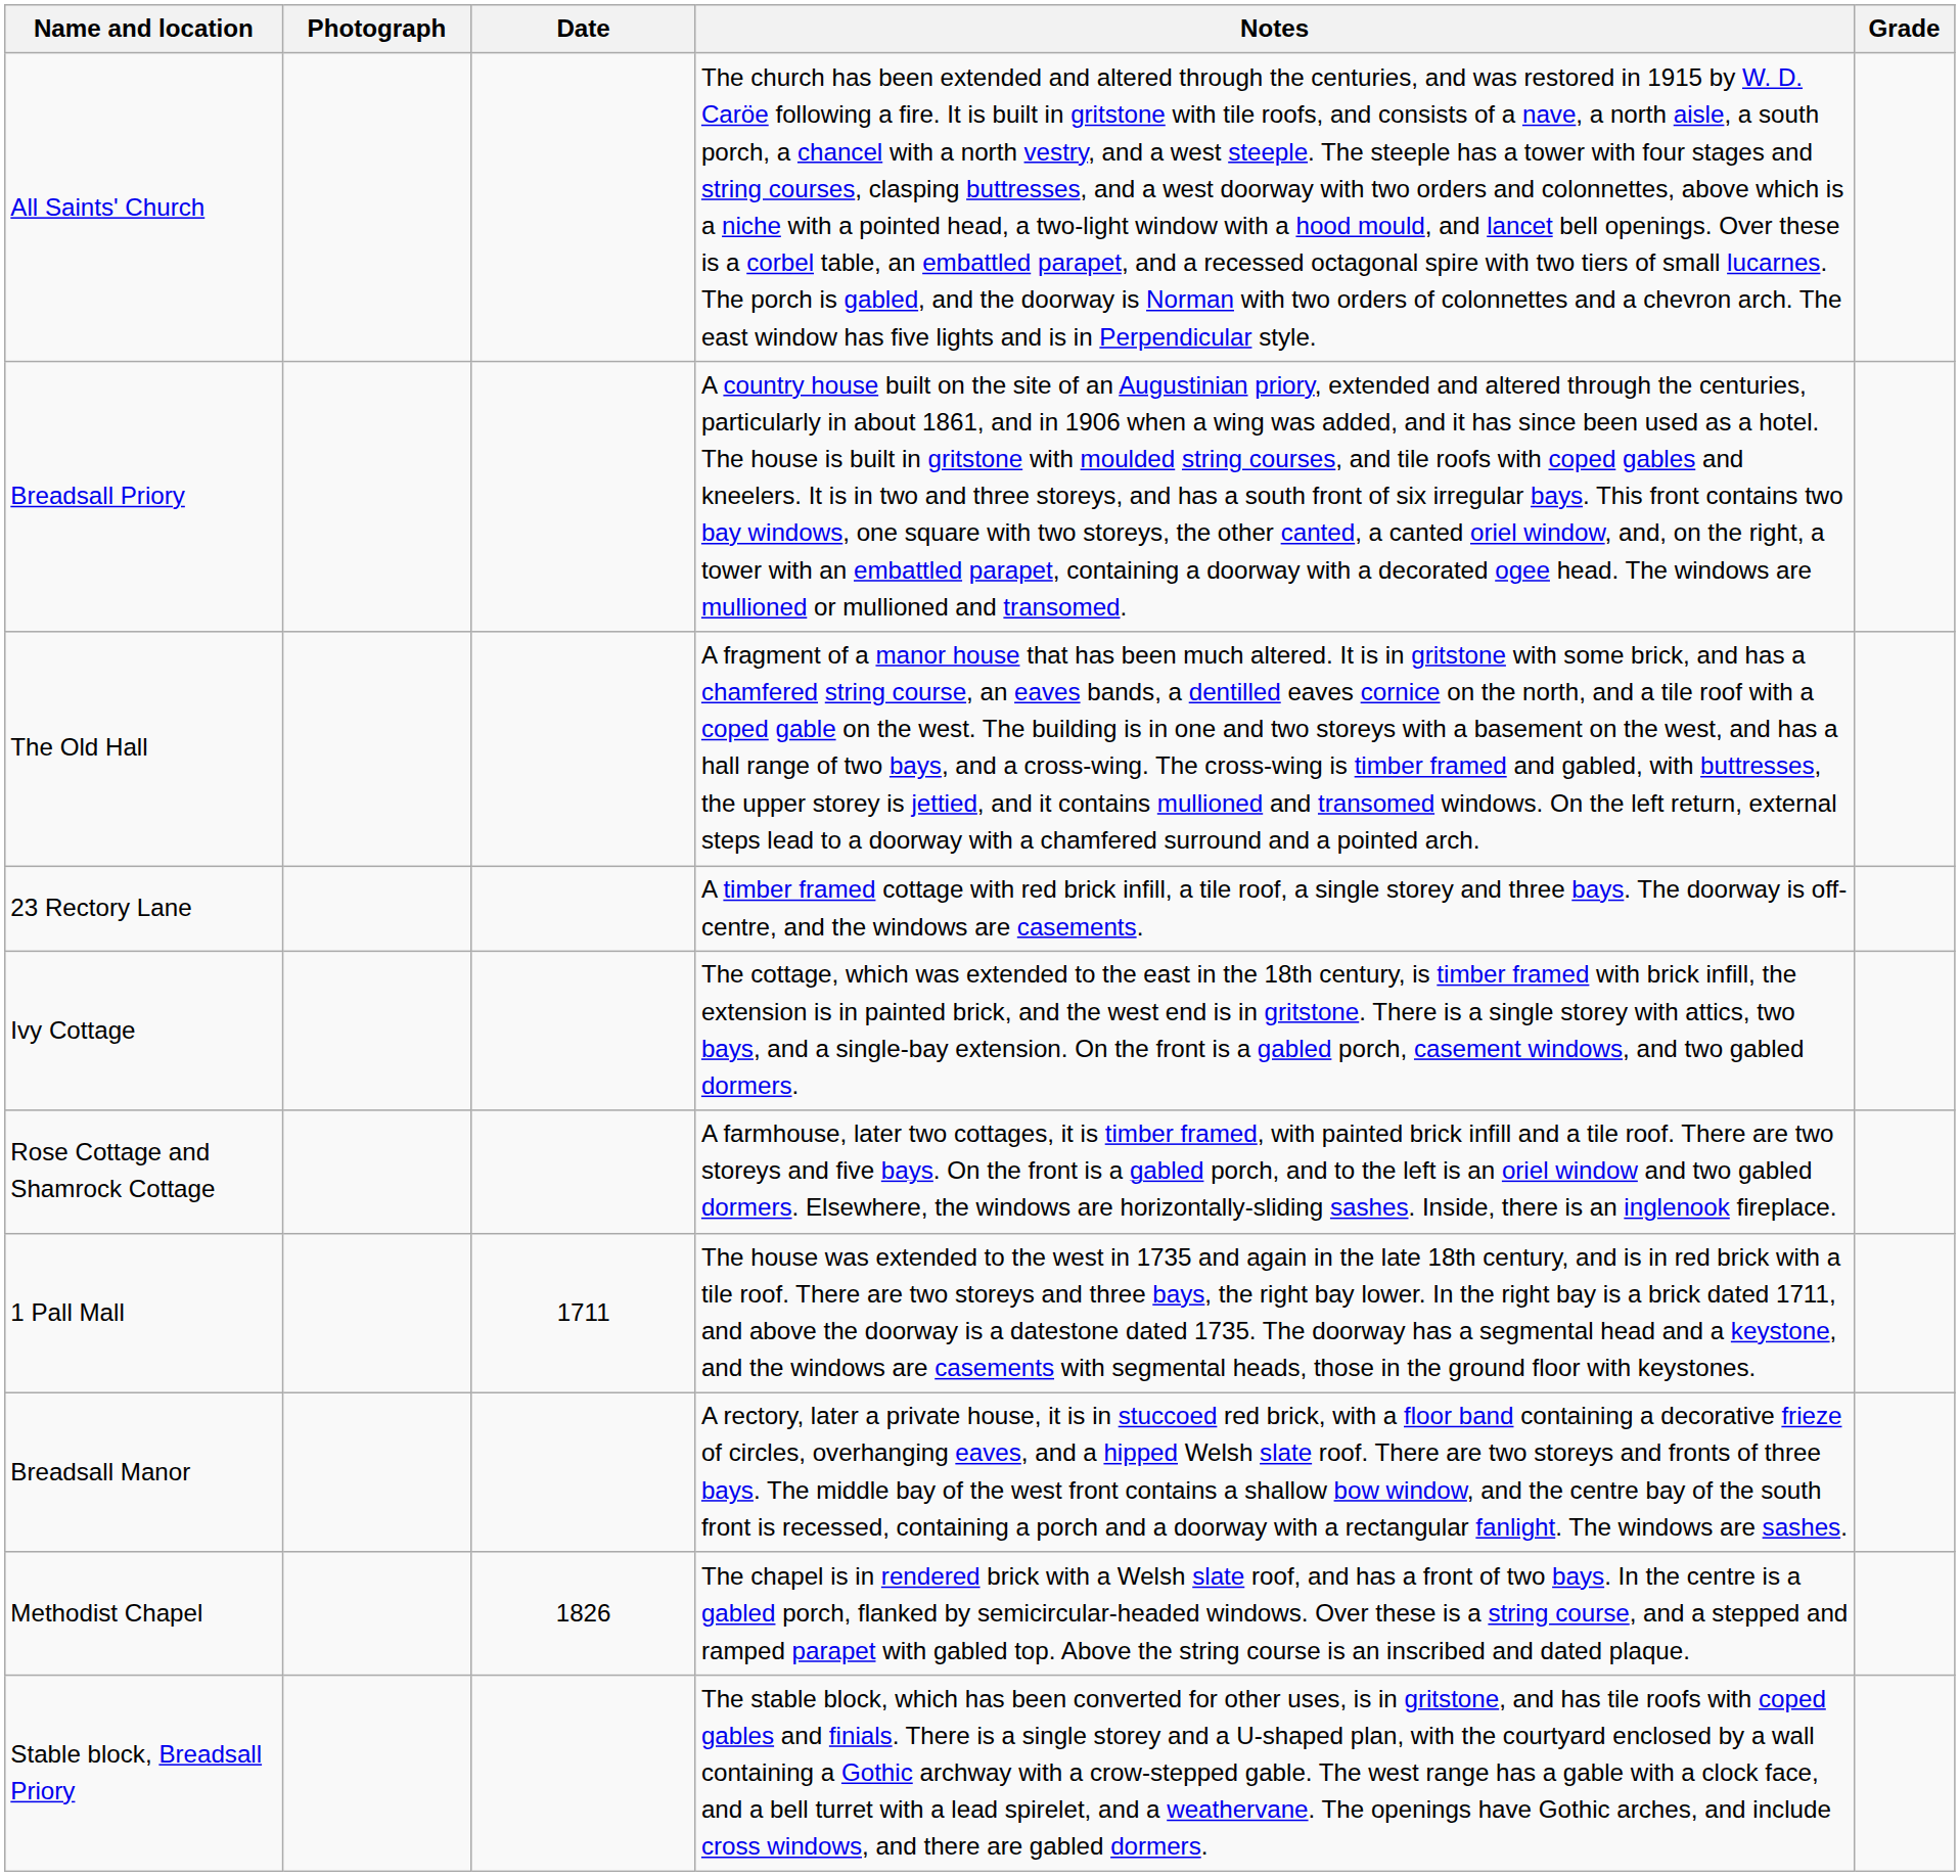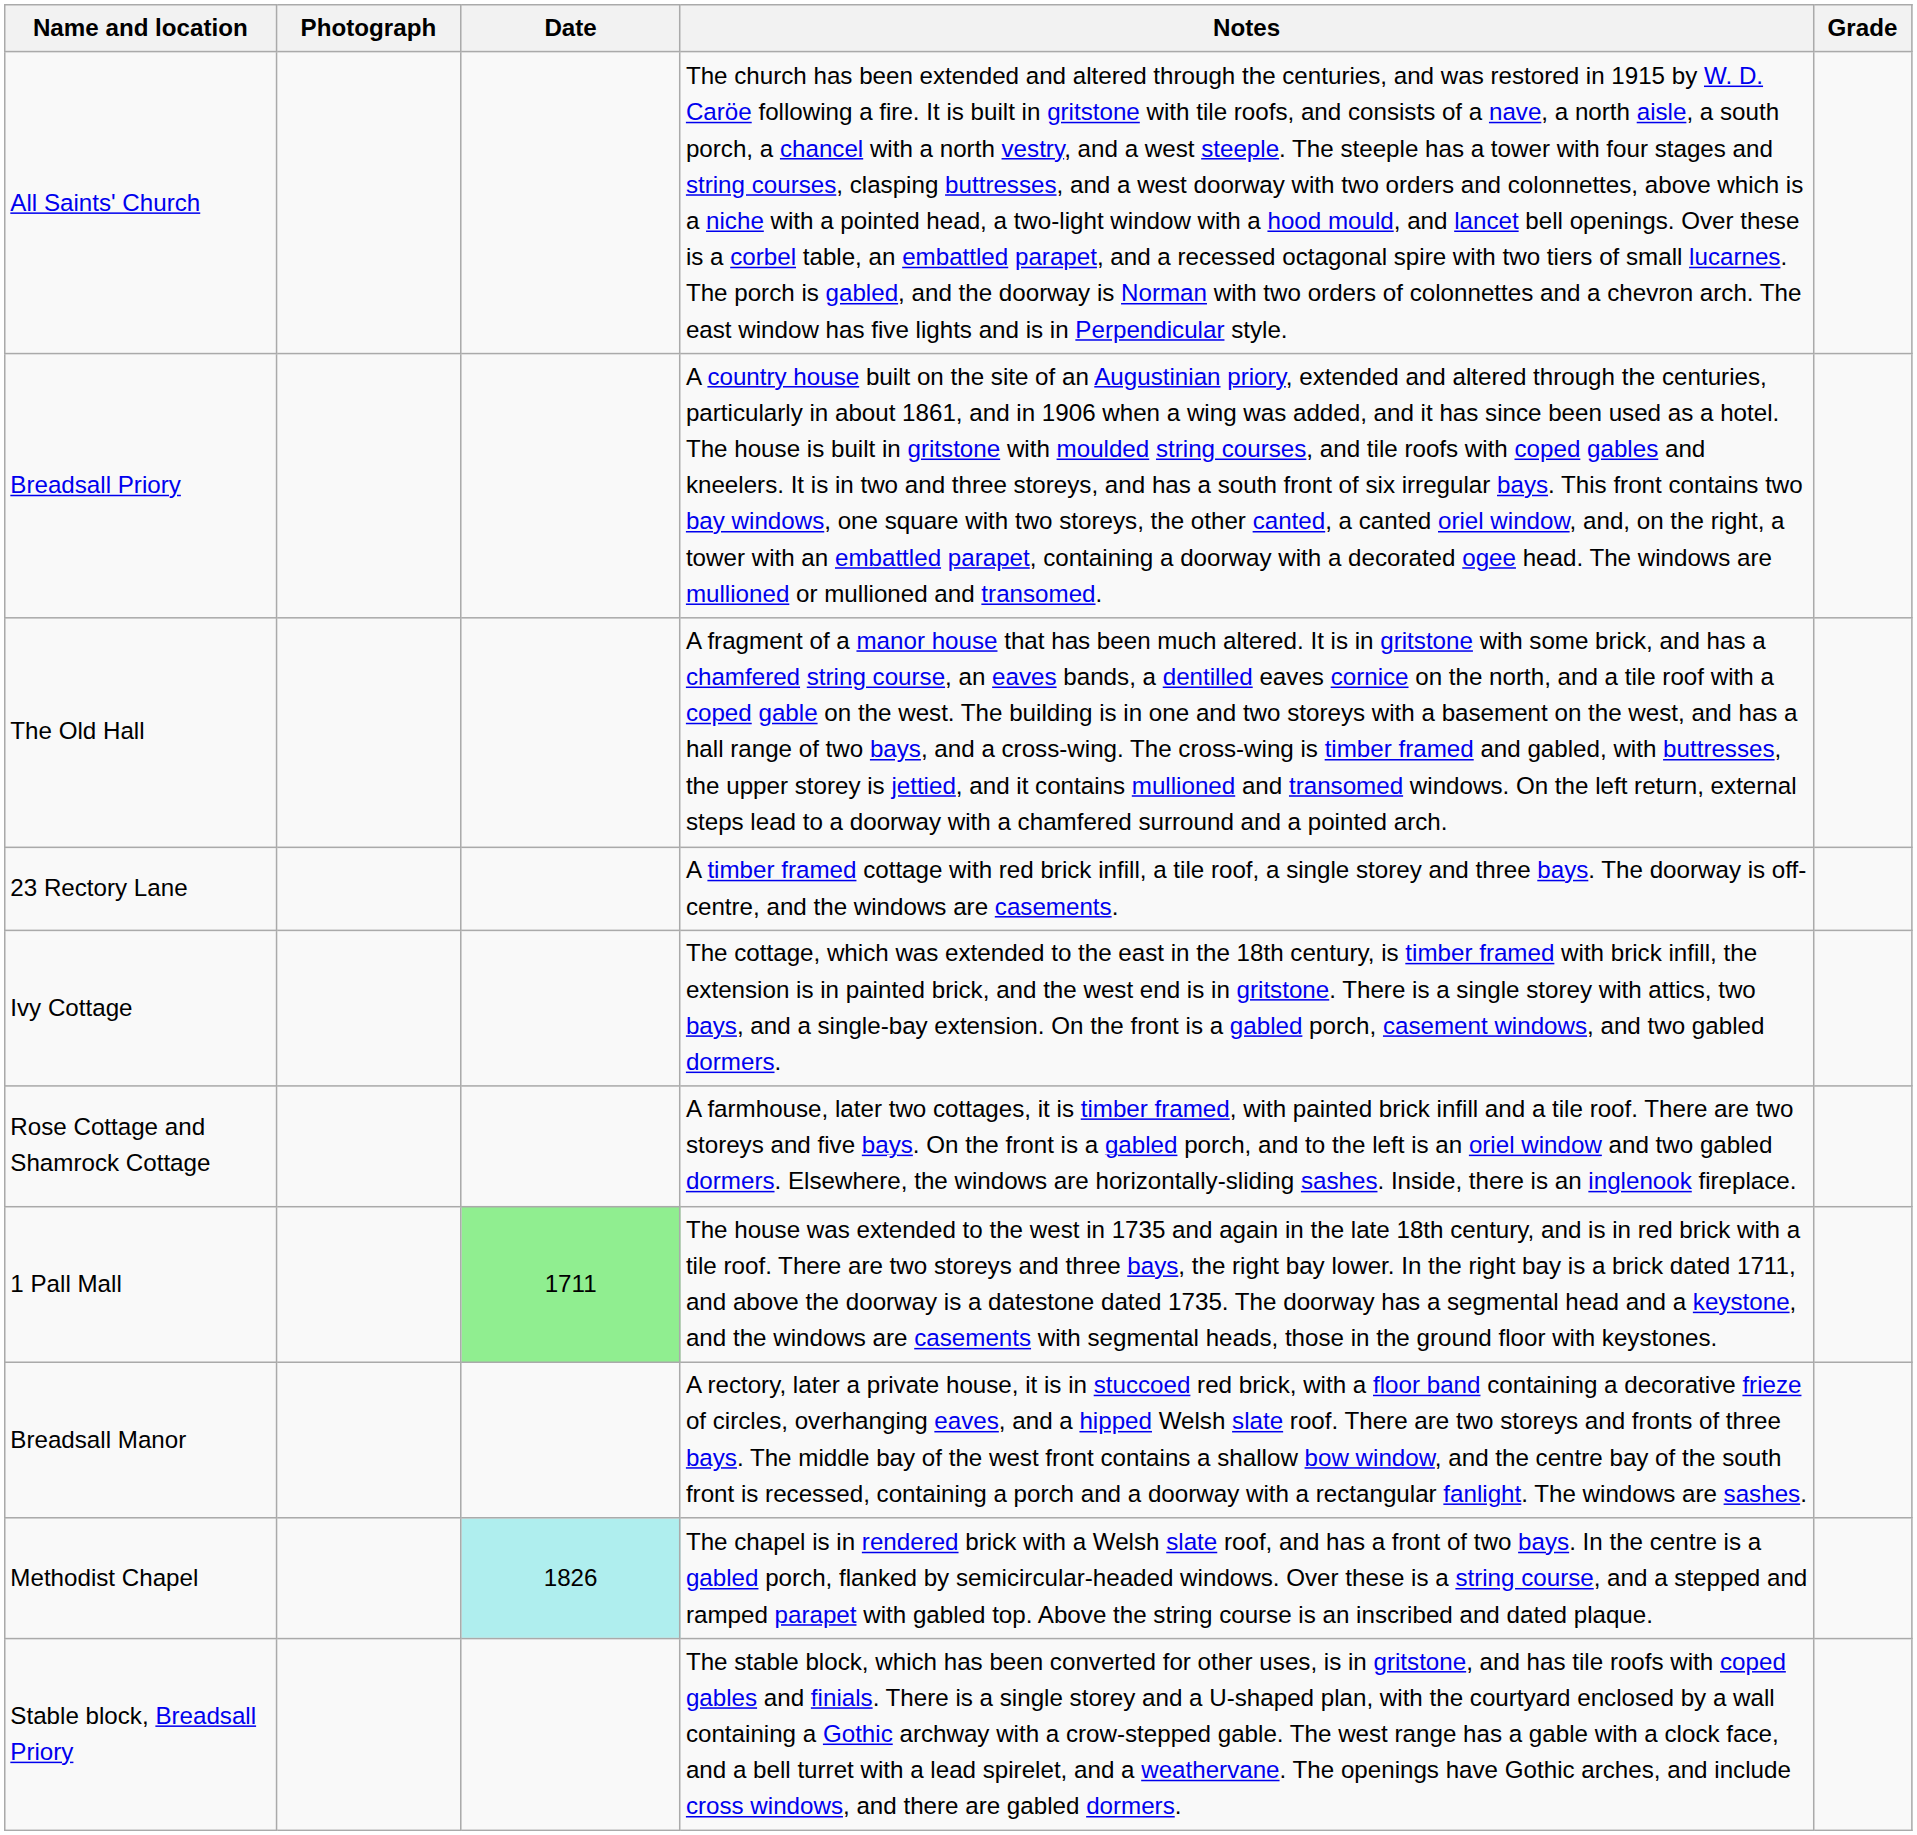 <table class="wikitable sortable plainrowheaders" style="width:100%; border:0; text-align:left; line-height:150%;">
 <tr>
 <th scope="col"  style="width:150px">Name and location</th>
 <th scope="col"  style="width:100px" class="unsortable">Photograph</th>
 <th scope="col"  style="width:120px">Date</th>
 <th scope="col"  style="width:650px" class="unsortable">Notes</th>
 <th scope="col"  style="width:50px">Grade</th>
 </tr>
 <tr>
 <td><a href='#'>All Saints' Church</a><br><small></small></td>
 <td></td>
 <td align="center"></td>
 <td>The church has been extended and altered through the centuries, and was restored in 1915 by <a href='#'>W. D. Caröe</a> following a fire.  It is built in <a href='#'>gritstone</a> with tile roofs, and consists of a <a href='#'>nave</a>, a north <a href='#'>aisle</a>, a south porch, a <a href='#'>chancel</a> with a north <a href='#'>vestry</a>, and a west <a href='#'>steeple</a>.  The steeple has a tower with four stages and <a href='#'>string courses</a>, clasping <a href='#'>buttresses</a>, and a west doorway with two orders and colonnettes, above which is a <a href='#'>niche</a> with a pointed head, a two-light window with a <a href='#'>hood mould</a>, and <a href='#'>lancet</a> bell openings.  Over these is a <a href='#'>corbel</a> table, an <a href='#'>embattled</a> <a href='#'>parapet</a>, and a recessed octagonal spire with two tiers of small <a href='#'>lucarnes</a>.  The porch is <a href='#'>gabled</a>, and the doorway is <a href='#'>Norman</a> with two orders of colonnettes and a chevron arch.  The east window has five lights and is in <a href='#'>Perpendicular</a> style.</td>
 <td align="center" ></td>
 </tr>
 <tr>
 <td><a href='#'>Breadsall Priory</a><br><small></small></td>
 <td></td>
 <td align="center"></td>
 <td>A <a href='#'>country house</a> built on the site of an <a href='#'>Augustinian</a> <a href='#'>priory</a>, extended and altered through the centuries, particularly in about 1861, and in 1906 when a wing was added, and it has since been used as a hotel.  The house is built in <a href='#'>gritstone</a> with <a href='#'>moulded</a> <a href='#'>string courses</a>, and tile roofs with <a href='#'>coped</a> <a href='#'>gables</a> and kneelers.  It is in two and three storeys, and has a south front of six irregular <a href='#'>bays</a>.  This front contains two <a href='#'>bay windows</a>, one square with two storeys, the other <a href='#'>canted</a>, a canted <a href='#'>oriel window</a>, and, on the right, a tower with an <a href='#'>embattled</a> <a href='#'>parapet</a>, containing a doorway with a decorated <a href='#'>ogee</a> head.  The windows are <a href='#'>mullioned</a> or mullioned and <a href='#'>transomed</a>.</td>
 <td align="center" ></td>
 </tr>
 <tr>
 <td>The Old Hall<br><small></small></td>
 <td></td>
 <td align="center"></td>
 <td>A fragment of a <a href='#'>manor house</a> that has been much altered.  It is in <a href='#'>gritstone</a> with some brick, and has a <a href='#'>chamfered</a> <a href='#'>string course</a>, an <a href='#'>eaves</a> bands, a <a href='#'>dentilled</a> eaves <a href='#'>cornice</a> on the north, and a tile roof with a <a href='#'>coped</a> <a href='#'>gable</a> on the west.  The building is in one and two storeys with a basement on the west, and has a hall range of two <a href='#'>bays</a>, and a cross-wing.  The cross-wing is <a href='#'>timber framed</a> and gabled, with <a href='#'>buttresses</a>, the upper storey is <a href='#'>jettied</a>, and it contains <a href='#'>mullioned</a> and <a href='#'>transomed</a> windows.  On the left return, external steps lead to a doorway with a chamfered surround and a pointed arch.</td>
 <td align="center" ></td>
 </tr>
 <tr>
 <td>23 Rectory Lane<br><small></small></td>
 <td></td>
 <td align="center"></td>
 <td>A <a href='#'>timber framed</a> cottage with red brick infill, a tile roof, a single storey and three <a href='#'>bays</a>.  The doorway is off-centre, and the windows are <a href='#'>casements</a>.</td>
 <td align="center" ></td>
 </tr>
 <tr>
 <td>Ivy Cottage<br><small></small></td>
 <td></td>
 <td align="center"></td>
 <td>The cottage, which was extended to the east in the 18th century, is <a href='#'>timber framed</a> with brick infill, the extension is in painted brick, and the west end is in <a href='#'>gritstone</a>.  There is a single storey with attics, two <a href='#'>bays</a>, and a single-bay extension.  On the front is a <a href='#'>gabled</a> porch, <a href='#'>casement windows</a>, and two gabled <a href='#'>dormers</a>.</td>
 <td align="center" ></td>
 </tr>
 <tr>
 <td>Rose Cottage and Shamrock Cottage<br><small></small></td>
 <td></td>
 <td align="center"></td>
 <td>A farmhouse, later two cottages, it is <a href='#'>timber framed</a>, with painted brick infill and a tile roof.  There are two storeys and five <a href='#'>bays</a>.  On the front is a <a href='#'>gabled</a> porch, and to the left is an <a href='#'>oriel window</a> and two gabled <a href='#'>dormers</a>.  Elsewhere, the windows are horizontally-sliding <a href='#'>sashes</a>.  Inside, there is an <a href='#'>inglenook</a> fireplace.</td>
 <td align="center" ></td>
 </tr>
 <tr>
 <td>1 Pall Mall<br><small></small></td>
 <td></td>
-<td align="center">1711</td>
+<td align="center" style="background: lightgreen;">1711</td>
 <td>The house was extended to the west in 1735 and again in the late 18th century, and is in red brick with a tile roof.  There are two storeys and three <a href='#'>bays</a>, the right bay lower.  In the right bay is a brick dated 1711, and above the doorway is a datestone dated 1735.  The doorway has a segmental head and a <a href='#'>keystone</a>, and the windows are <a href='#'>casements</a> with segmental heads, those in the ground floor with keystones.</td>
 <td align="center" ></td>
 </tr>
 <tr>
 <td>Breadsall Manor<br><small></small></td>
 <td></td>
 <td align="center"></td>
 <td>A rectory, later a private house, it is in <a href='#'>stuccoed</a> red brick, with a <a href='#'>floor band</a> containing a decorative <a href='#'>frieze</a> of circles, overhanging <a href='#'>eaves</a>, and a <a href='#'>hipped</a> Welsh <a href='#'>slate</a> roof.  There are two storeys and fronts of three <a href='#'>bays</a>.  The middle bay of the west front contains a shallow <a href='#'>bow window</a>, and the centre bay of the south front is recessed, containing a porch and a doorway with a rectangular <a href='#'>fanlight</a>.  The windows are <a href='#'>sashes</a>.</td>
 <td align="center" ></td>
 </tr>
 <tr>
 <td>Methodist Chapel<br><small></small></td>
 <td></td>
-<td align="center">1826</td>
+<td align="center" style="background: paleturquoise;">1826</td>
 <td>The chapel is in <a href='#'>rendered</a> brick with a Welsh <a href='#'>slate</a> roof, and has a front of two <a href='#'>bays</a>.  In the centre is a <a href='#'>gabled</a> porch, flanked by semicircular-headed windows.  Over these is a <a href='#'>string course</a>, and a stepped and ramped <a href='#'>parapet</a> with gabled top.  Above the string course is an inscribed and dated plaque.</td>
 <td align="center" ></td>
 </tr>
 <tr>
 <td>Stable block, <a href='#'>Breadsall Priory</a><br><small></small></td>
 <td></td>
 <td align="center"></td>
 <td>The stable block, which has been converted for other uses, is in <a href='#'>gritstone</a>, and has tile roofs with <a href='#'>coped</a> <a href='#'>gables</a> and <a href='#'>finials</a>.  There is a single storey and a U-shaped plan, with the courtyard enclosed by a wall containing a <a href='#'>Gothic</a> archway with a crow-stepped gable.  The west range has a gable with a clock face, and a bell turret with a lead spirelet, and a <a href='#'>weathervane</a>.  The openings have Gothic arches, and include <a href='#'>cross windows</a>, and there are gabled <a href='#'>dormers</a>.</td>
 <td align="center" ></td>
 </tr>
 <tr>
 </tr>
 </table>
